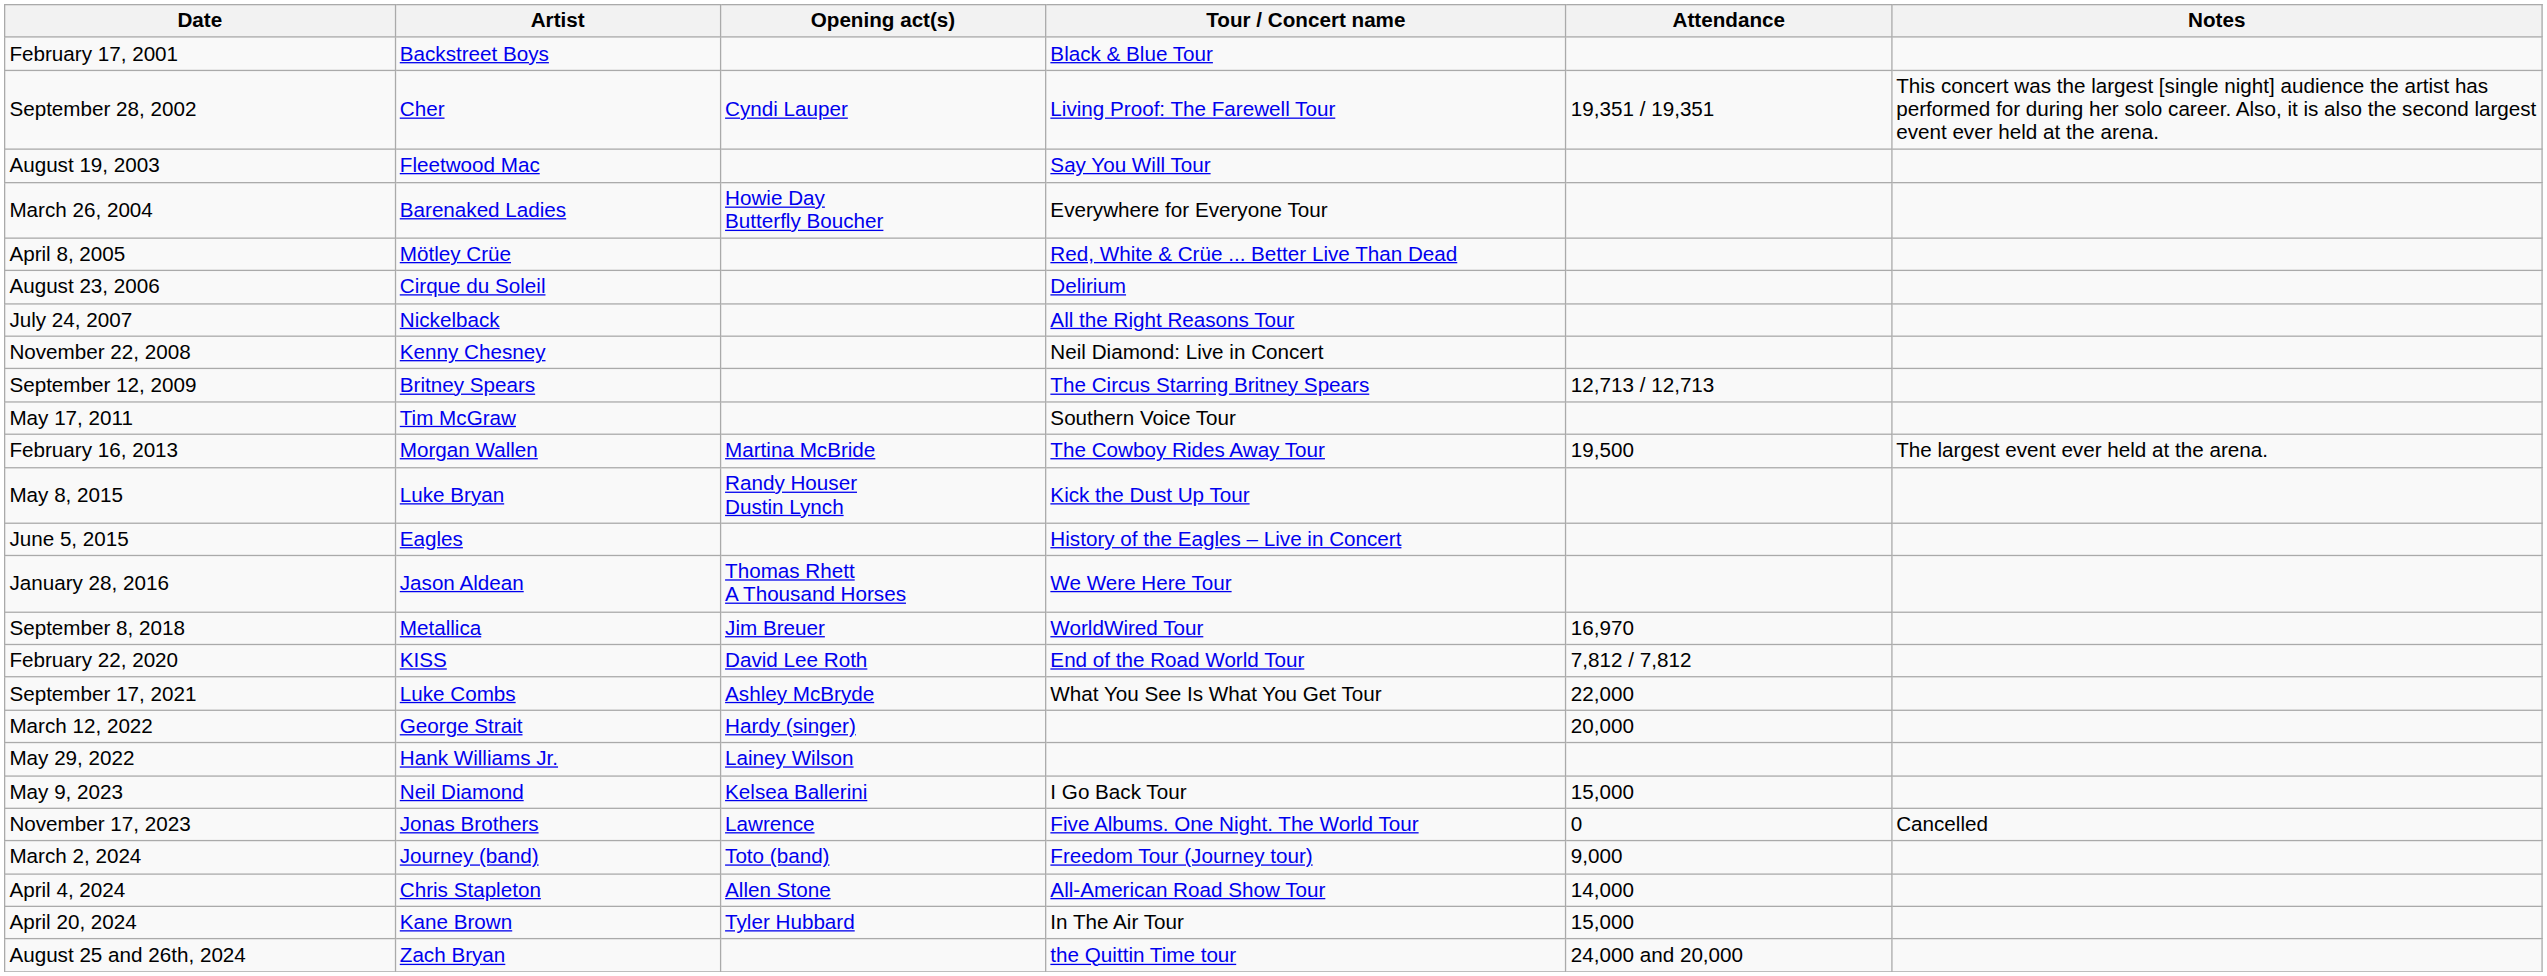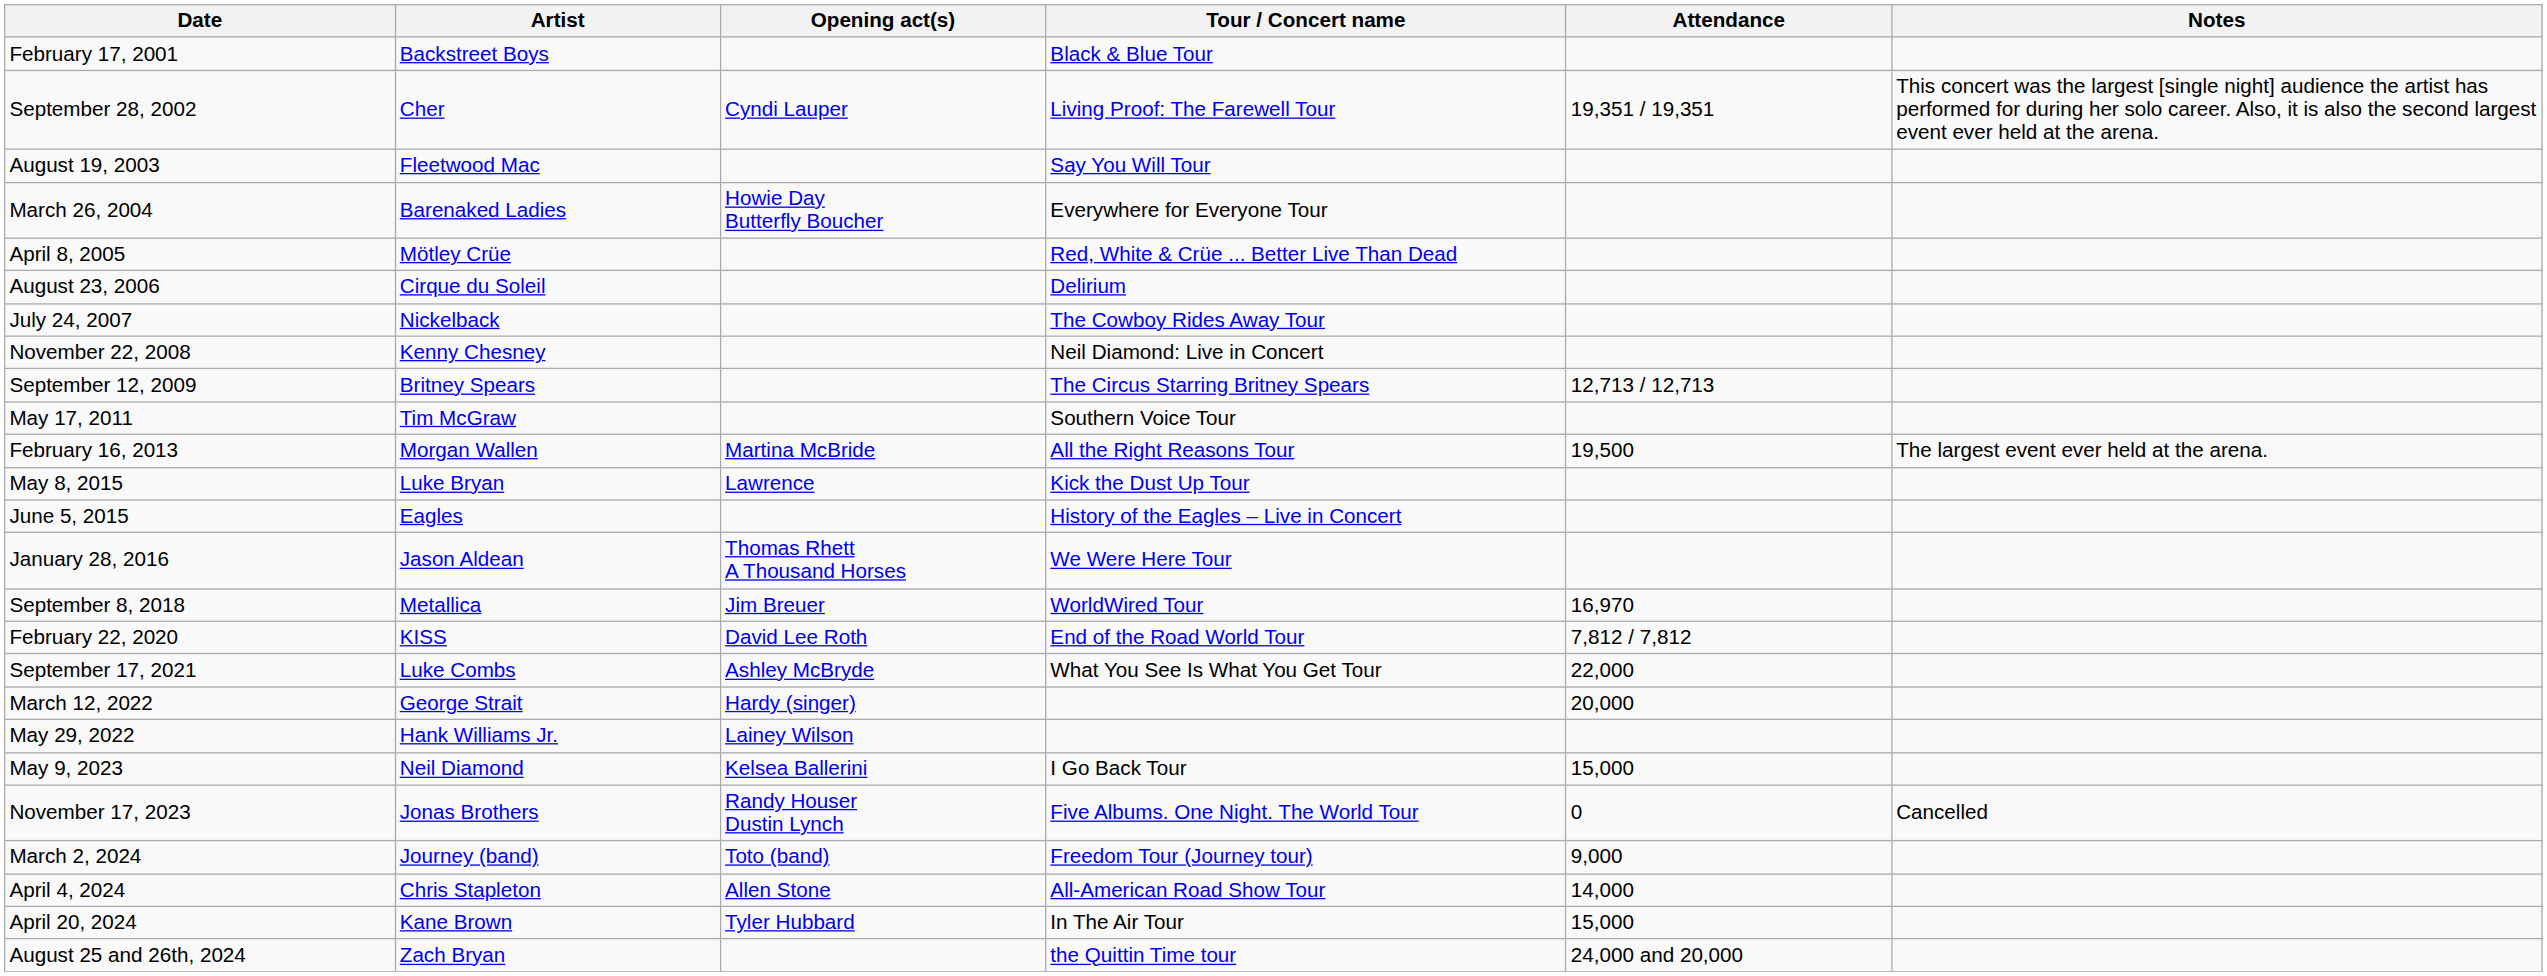 <table class="wikitable" style=font-size:100% style="text-align:center">
 <tr>
 <th width=12%>Date</th>
 <th width=10%>Artist</th>
 <th width=10%>Opening act(s)</th>
 <th width=16%>Tour / Concert name</th>
 <th width=10%>Attendance</th>
 <th width=20%>Notes</th>
 </tr>
 <tr>
 <td>February 17, 2001</td>
 <td><a href='#'>Backstreet Boys</a></td>
 <td></td>
 <td><a href='#'>Black & Blue Tour</a></td>
 <td></td>
 <td></td>
 </tr>
 <tr>
 <td>September 28, 2002</td>
 <td><a href='#'>Cher</a></td>
 <td><a href='#'>Cyndi Lauper</a></td>
 <td><a href='#'>Living Proof: The Farewell Tour</a></td>
 <td>19,351 / 19,351</td>
 <td>This concert was the largest [single night] audience the artist has performed for during her solo career. Also, it is also the second largest event ever held at the arena.</td>
 </tr>
 <tr>
 <td>August 19, 2003</td>
 <td><a href='#'>Fleetwood Mac</a></td>
 <td></td>
 <td><a href='#'>Say You Will Tour</a></td>
 <td></td>
 <td></td>
 </tr>
 <tr>
 <td>March 26, 2004</td>
 <td><a href='#'>Barenaked Ladies</a></td>
 <td><a href='#'>Howie Day</a><br><a href='#'>Butterfly Boucher</a></td>
 <td>Everywhere for Everyone Tour</td>
 <td></td>
 <td></td>
 </tr>
 <tr>
 <td>April 8, 2005</td>
 <td><a href='#'>Mötley Crüe</a></td>
 <td></td>
 <td><a href='#'>Red, White & Crüe ... Better Live Than Dead</a></td>
 <td></td>
 <td></td>
 </tr>
 <tr>
 <td>August 23, 2006</td>
 <td><a href='#'>Cirque du Soleil</a></td>
 <td></td>
 <td><a href='#'>Delirium</a></td>
 <td></td>
 <td></td>
 </tr>
 <tr>
 <td>July 24, 2007</td>
 <td><a href='#'>Nickelback</a></td>
 <td></td>
-<td><a href='#'>All the Right Reasons Tour</a></td>
+<td><a href='#'>The Cowboy Rides Away Tour</a></td>
 <td></td>
 <td></td>
 </tr>
 <tr>
 <td>November 22, 2008</td>
 <td><a href='#'>Kenny Chesney</a></td>
 <td></td>
 <td>Neil Diamond: Live in Concert</td>
 <td></td>
 <td></td>
 </tr>
 <tr>
 <td>September 12, 2009</td>
 <td><a href='#'>Britney Spears</a></td>
 <td></td>
 <td><a href='#'>The Circus Starring Britney Spears</a></td>
 <td>12,713 / 12,713</td>
 <td></td>
 </tr>
 <tr>
 <td>May 17, 2011</td>
 <td><a href='#'>Tim McGraw</a></td>
 <td></td>
 <td>Southern Voice Tour</td>
 <td></td>
 <td></td>
 </tr>
 <tr>
 <td>February 16, 2013</td>
 <td><a href='#'>Morgan Wallen</a></td>
 <td><a href='#'>Martina McBride</a></td>
-<td><a href='#'>The Cowboy Rides Away Tour</a></td>
+<td><a href='#'>All the Right Reasons Tour</a></td>
 <td>19,500</td>
 <td>The largest event ever held at the arena.</td>
 </tr>
 <tr>
 <td>May 8, 2015</td>
 <td><a href='#'>Luke Bryan</a></td>
-<td><a href='#'>Randy Houser</a><br><a href='#'>Dustin Lynch</a></td>
+<td><a href='#'>Lawrence</a></td>
 <td><a href='#'>Kick the Dust Up Tour</a></td>
 <td></td>
 <td></td>
 </tr>
 <tr>
 <td>June 5, 2015</td>
 <td><a href='#'>Eagles</a></td>
 <td></td>
 <td><a href='#'>History of the Eagles – Live in Concert</a></td>
 <td></td>
 <td></td>
 </tr>
 <tr>
 <td>January 28, 2016</td>
 <td><a href='#'>Jason Aldean</a></td>
 <td><a href='#'>Thomas Rhett</a><br><a href='#'>A Thousand Horses</a></td>
 <td><a href='#'>We Were Here Tour</a></td>
 <td></td>
 <td></td>
 </tr>
 <tr>
 <td>September 8, 2018</td>
 <td><a href='#'>Metallica</a></td>
 <td><a href='#'>Jim Breuer</a></td>
 <td><a href='#'>WorldWired Tour</a></td>
 <td>16,970</td>
 <td></td>
 </tr>
 <tr>
 <td>February 22, 2020</td>
 <td><a href='#'>KISS</a></td>
 <td><a href='#'>David Lee Roth</a></td>
 <td><a href='#'>End of the Road World Tour</a></td>
 <td>7,812 / 7,812</td>
 <td></td>
 </tr>
 <tr>
 <td>September 17, 2021</td>
 <td><a href='#'>Luke Combs</a></td>
 <td><a href='#'>Ashley McBryde</a></td>
 <td>What You See Is What You Get Tour</td>
 <td>22,000</td>
 <td></td>
 </tr>
 <tr>
 <td>March 12, 2022</td>
 <td><a href='#'>George Strait</a></td>
 <td><a href='#'>Hardy (singer)</a></td>
 <td></td>
 <td>20,000</td>
 <td></td>
 </tr>
 <tr>
 <td>May 29, 2022</td>
 <td><a href='#'>Hank Williams Jr.</a></td>
 <td><a href='#'>Lainey Wilson</a></td>
 <td></td>
 <td></td>
 <td></td>
 </tr>
 <tr>
 <td>May 9, 2023</td>
 <td><a href='#'>Neil Diamond</a></td>
 <td><a href='#'>Kelsea Ballerini</a></td>
 <td>I Go Back Tour</td>
 <td>15,000</td>
 <td></td>
 </tr>
 <tr>
 <td>November 17, 2023</td>
 <td><a href='#'>Jonas Brothers</a></td>
-<td><a href='#'>Lawrence</a></td>
+<td><a href='#'>Randy Houser</a><br><a href='#'>Dustin Lynch</a></td>
 <td><a href='#'>Five Albums. One Night. The World Tour</a></td>
 <td>0</td>
 <td>Cancelled</td>
 </tr>
 <tr>
 <td>March 2, 2024</td>
 <td><a href='#'>Journey (band)</a></td>
 <td><a href='#'>Toto (band)</a></td>
 <td><a href='#'>Freedom Tour (Journey tour)</a></td>
 <td>9,000</td>
 <td></td>
 </tr>
 <tr>
 <td>April 4, 2024</td>
 <td><a href='#'>Chris Stapleton</a></td>
 <td><a href='#'>Allen Stone</a></td>
 <td><a href='#'>All-American Road Show Tour</a></td>
 <td>14,000</td>
 <td></td>
 </tr>
 <tr>
 <td>April 20, 2024</td>
 <td><a href='#'>Kane Brown</a></td>
 <td><a href='#'>Tyler Hubbard</a></td>
 <td>In The Air Tour</td>
 <td>15,000</td>
 <td></td>
 </tr>
 <tr>
 <td>August 25 and 26th, 2024</td>
 <td><a href='#'>Zach Bryan</a></td>
 <td></td>
 <td><a href='#'>the Quittin Time tour</a></td>
 <td>24,000 and 20,000</td>
 <td></td>
 </tr>
 <tr>
 </tr>
 </table>
